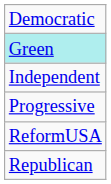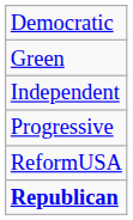 <table class="wikitable">
 <tr>
 <td><a href='#'>Democratic</a></td>
 </tr>
 <tr>
-<td style="background: paleturquoise;"><a href='#'>Green</a></td>
+<td><a href='#'>Green</a></td>
 </tr>
 <tr>
 <td><a href='#'>Independent</a></td>
 </tr>
 <tr>
 <td><a href='#'>Progressive</a></td>
 </tr>
 <tr>
 <td><a href='#'>ReformUSA</a></td>
 </tr>
 <tr>
-<td><a href='#'>Republican</a></td>
+<td><strong><a href='#'>Republican</a></strong></td>
 </tr>
 </table>
